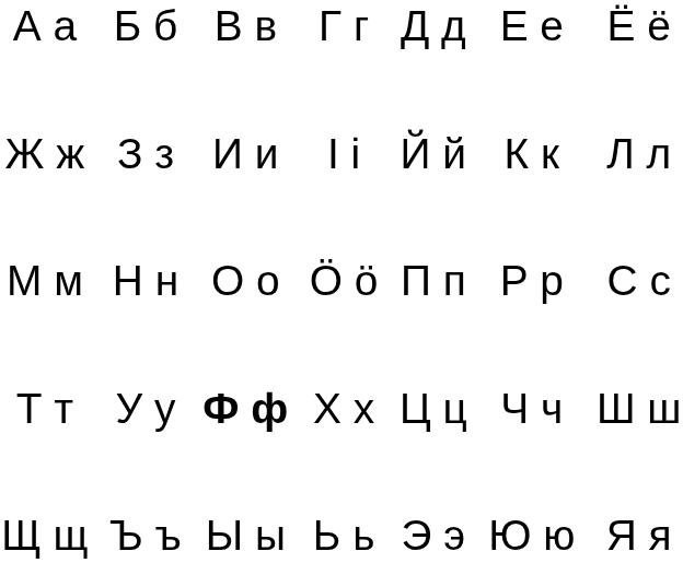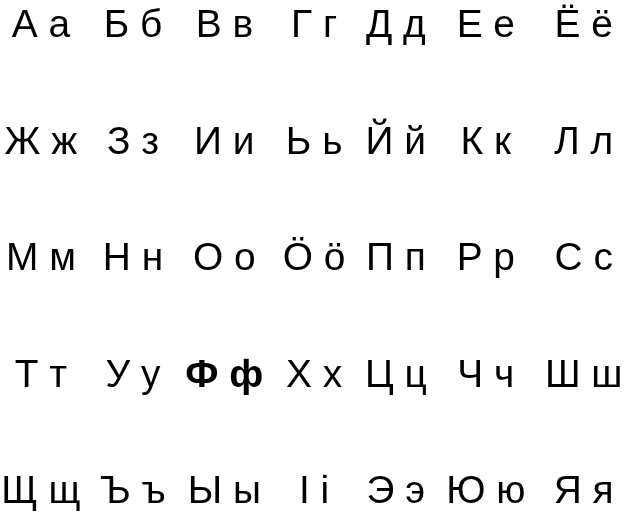 <table class=standard cellpadding=5 style="font-size: 1.5em; line-height: 2.5em; text-align: center;">
 <tr>
 <td style=«width:3em;»>А а</td>
 <td style=«width:3em;»>Б б</td>
 <td style=«width:3em;»>В в</td>
 <td style=«width:3em;»>Г г</td>
 <td style=«width:3em;»>Д д</td>
 <td style=«width:3em;»>Е е</td>
 <td style=«width:3em;»>Ё ё</td>
 </tr>
 <tr>
 <td style=«width:3em;»>Ж ж</td>
 <td style=«width:3em;»>З з</td>
 <td style=«width:3em;»>И и</td>
-<td style=«width:3em;»>І і</td>
+<td style=«width:3em;»>Ь ь</td>
 <td style=«width:3em;»>Й й</td>
 <td style=«width:3em;»>К к</td>
 <td style=«width:3em;»>Л л</td>
 </tr>
 <tr>
 <td style=«width:3em;»>М м</td>
 <td style=«width:3em;»>Н н</td>
 <td style=«width:3em;»>О о</td>
 <td style=«width:3em;»>Ӧ ӧ</td>
 <td style=«width:3em;»>П п</td>
 <td style=«width:3em;»>Р р</td>
 <td style=«width:3em;»>С с</td>
 </tr>
 <tr>
 <td style=«width:3em;»>Т т</td>
 <td style=«width:3em;»>У у</td>
 <td style=«width:3em;»><strong>Ф ф</strong></td>
 <td style=«width:3em;»>Х х</td>
 <td style=«width:3em;»>Ц ц</td>
 <td style=«width:3em;»>Ч ч</td>
 <td style=«width:3em;»>Ш ш</td>
 </tr>
 <tr>
 <td style=«width:3em;»>Щ щ</td>
 <td style=«width:3em;»>Ъ ъ</td>
 <td style=«width:3em;»>Ы ы</td>
-<td style=«width:3em;»>Ь ь</td>
+<td style=«width:3em;»>І і</td>
 <td style=«width:3em;»>Э э</td>
 <td style=«width:3em;»>Ю ю</td>
 <td style=«width:3em;»>Я я</td>
 </tr>
 </table>
